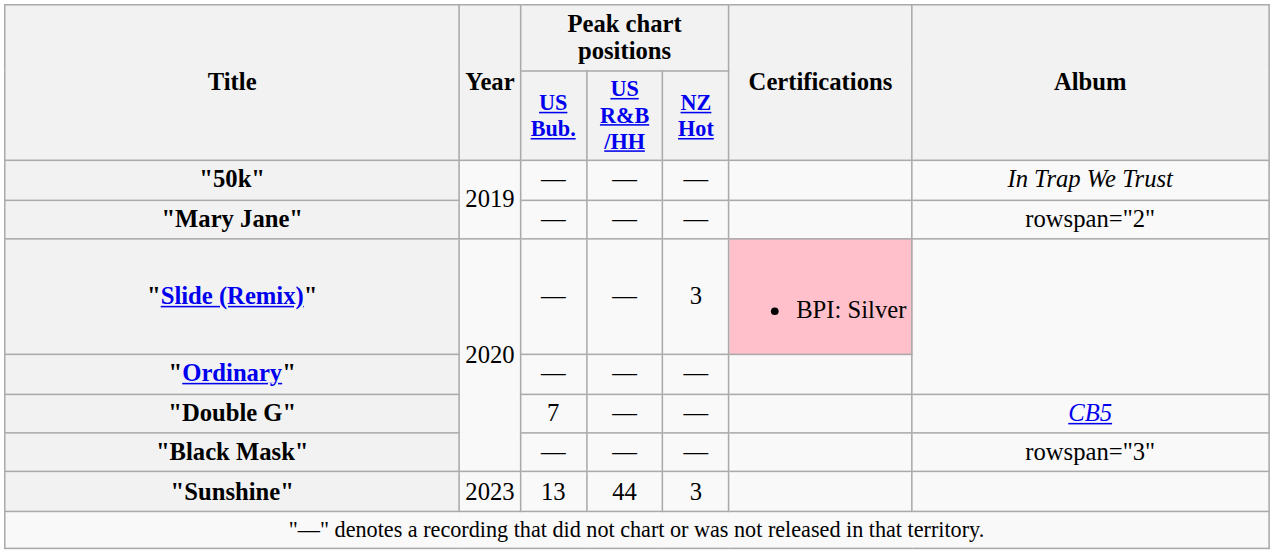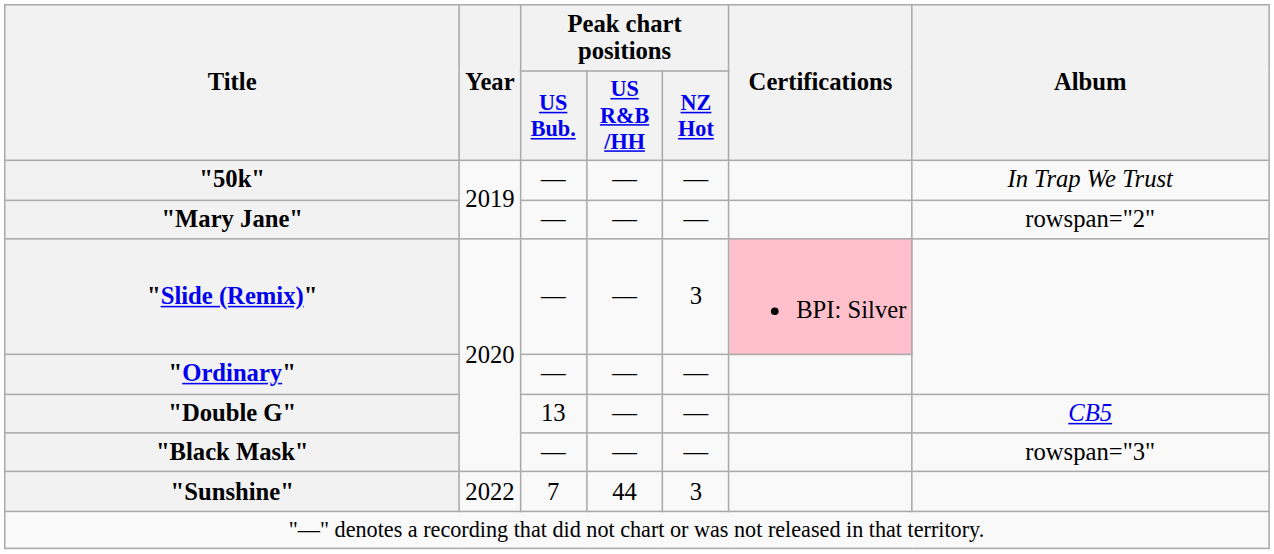 <table class="wikitable plainrowheaders" style="text-align:center;">
 <tr>
 <th scope="col" rowspan="2" style="width:18em;">Title</th>
 <th scope="col" rowspan="2" style="width:1em;">Year</th>
 <th scope="col" colspan="3">Peak chart positions</th>
 <th scope="col" rowspan="2">Certifications</th>
 <th scope="col" rowspan="2" style="width:14em;">Album</th>
 </tr>
 <tr>
 <th scope="col" style="width:2.5em;font-size:90%;"><a href='#'>US<br>Bub.</a><br></th>
 <th style="width:3em; font-size:90%"><a href='#'>US<br>R&B<br>/HH</a><br></th>
 <th scope="col" style="width:2.5em;font-size:90%;"><a href='#'>NZ<br>Hot</a><br></th>
 </tr>
 <tr>
 <th scope="row">"50k"<br></th>
 <td rowspan="2">2019</td>
 <td>—</td>
 <td>—</td>
 <td>—</td>
 <td></td>
 <td><em>In Trap We Trust</em></td>
 </tr>
 <tr>
 <th scope="row">"Mary Jane"<br></th>
 <td>—</td>
 <td>—</td>
 <td>—</td>
 <td></td>
 <td>rowspan="2" </td>
 </tr>
 <tr>
 <th scope="row">"<a href='#'>Slide (Remix)</a>"<br></th>
 <td rowspan="4">2020</td>
 <td>—</td>
 <td>—</td>
 <td>3</td>
 <td style="background: pink;"><br><ul><li>BPI: Silver</li></ul></td>
 </tr>
 <tr>
 <th scope="row">"<a href='#'>Ordinary</a>"<br></th>
 <td>—</td>
 <td>—</td>
 <td>—</td>
 <td></td>
 </tr>
 <tr>
 <th scope="row">"Double G"<br></th>
-<td>7</td>
+<td>13</td>
 <td>—</td>
 <td>—</td>
 <td></td>
 <td><em><a href='#'>CB5</a></em></td>
 </tr>
 <tr>
 <th scope="row">"Black Mask"<br></th>
 <td>—</td>
 <td>—</td>
 <td>—</td>
 <td></td>
 <td>rowspan="3" </td>
 </tr>
 <tr>
 <th scope="row">"Sunshine"<br></th>
-<td>2023</td>
-<td>13</td>
+<td>2022</td>
+<td>7</td>
 <td>44</td>
 <td>3</td>
 <td></td>
 </tr>
 <tr>
 <td colspan="14" style="font-size:90%">"—" denotes a recording that did not chart or was not released in that territory.</td>
 </tr>
 </table>
